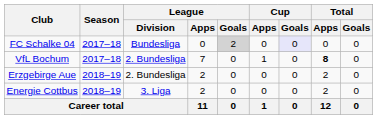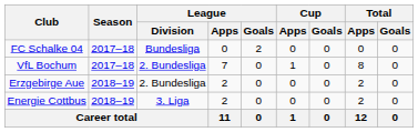 <table class="wikitable" style="text-align:center">
 <tr>
 <th rowspan=2>Club</th>
 <th rowspan=2>Season</th>
 <th colspan=3>League</th>
 <th colspan=2>Cup</th>
 <th colspan=2>Total</th>
 </tr>
 <tr>
 <th>Division</th>
 <th>Apps</th>
 <th>Goals</th>
 <th>Apps</th>
 <th>Goals</th>
 <th>Apps</th>
 <th>Goals</th>
 </tr>
 <tr>
 <td><a href='#'>FC Schalke 04</a></td>
 <td><a href='#'>2017–18</a></td>
 <td><a href='#'>Bundesliga</a></td>
 <td>0</td>
-<td style="background: lightgrey;">2</td>
+<td>2</td>
 <td>0</td>
-<td style="background: lavender;">0</td>
+<td>0</td>
 <td>0</td>
 <td>0</td>
 </tr>
 <tr>
 <td><a href='#'>VfL Bochum</a></td>
 <td><a href='#'>2017–18</a></td>
 <td><a href='#'>2. Bundesliga</a></td>
 <td>7</td>
 <td>0</td>
 <td>1</td>
 <td>0</td>
-<td><strong>8</strong></td>
+<td>8</td>
 <td>0</td>
 </tr>
 <tr>
 <td><a href='#'>Erzgebirge Aue</a></td>
 <td><a href='#'>2018–19</a></td>
 <td>2. Bundesliga</td>
 <td>2</td>
 <td>0</td>
 <td>0</td>
 <td>0</td>
 <td>2</td>
 <td>0</td>
 </tr>
 <tr>
 <td><a href='#'>Energie Cottbus</a></td>
 <td><a href='#'>2018–19</a></td>
 <td><a href='#'>3. Liga</a></td>
 <td>2</td>
 <td>0</td>
 <td>0</td>
 <td>0</td>
 <td>2</td>
 <td>0</td>
 </tr>
 <tr>
 <th colspan=3>Career total</th>
 <th>11</th>
 <th>0</th>
 <th>1</th>
 <th>0</th>
 <th>12</th>
 <th>0</th>
 </tr>
 </table>
